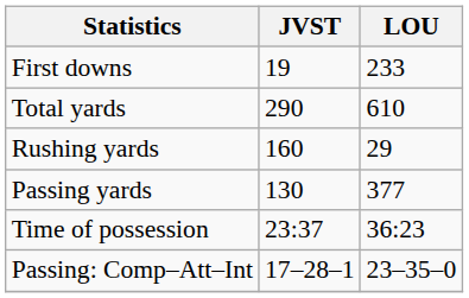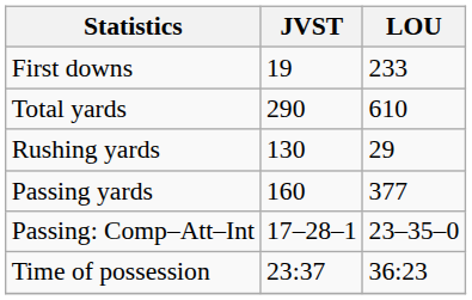 <table class="wikitable" style="float: left;">
 <tr>
 <th>Statistics</th>
 <th>JVST</th>
 <th>LOU</th>
 </tr>
 <tr>
 <td>First downs</td>
 <td>19</td>
 <td>233</td>
 </tr>
 <tr>
 <td>Total yards</td>
 <td>290</td>
 <td>610</td>
 </tr>
 <tr>
 <td>Rushing yards</td>
-<td>160</td>
+<td>130</td>
 <td>29</td>
 </tr>
 <tr>
 <td>Passing yards</td>
-<td>130</td>
+<td>160</td>
 <td>377</td>
+</tr>
+<tr>
+<td>Passing: Comp–Att–Int</td>
+<td>17–28–1</td>
+<td>23–35–0</td>
 </tr>
 <tr>
 <td>Time of possession</td>
 <td>23:37</td>
 <td>36:23</td>
 </tr>
 <tr>
-<td>Passing: Comp–Att–Int</td>
-<td>17–28–1</td>
-<td>23–35–0</td>
-</tr>
-<tr>
 </tr>
 </table>
